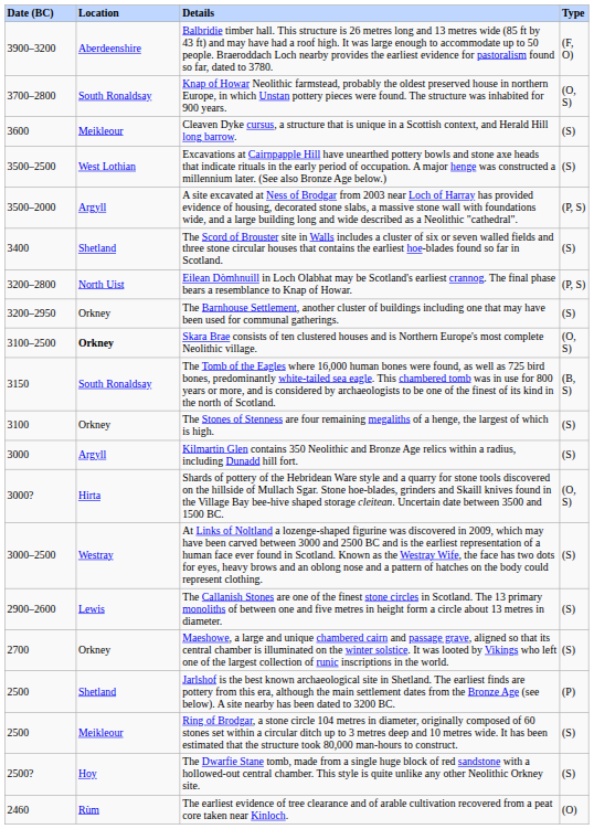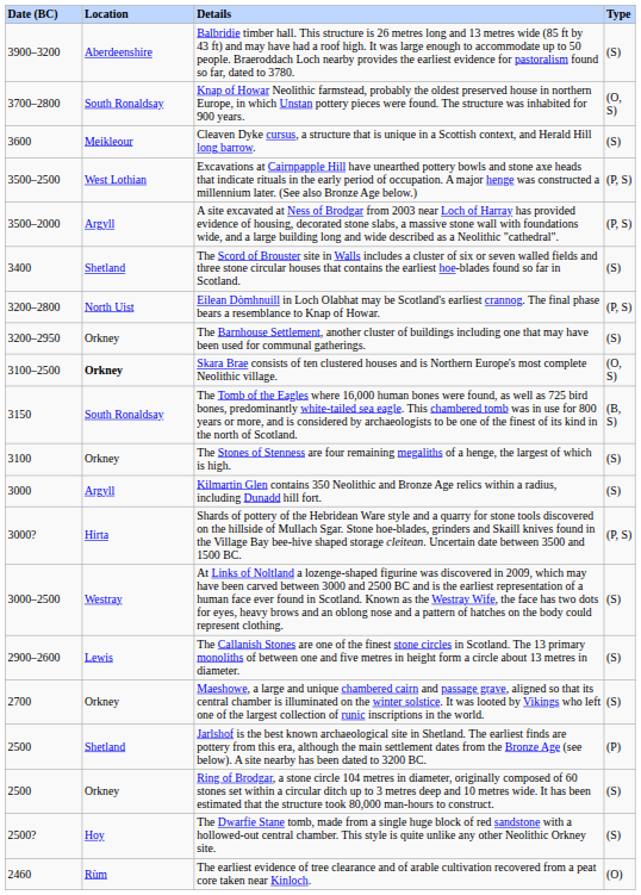 <table class="wikitable sortable align=left">
 <tr>
 <td bgcolor="#BFD7FF"><strong>Date (BC)</strong></td>
 <td bgcolor="#BFD7FF"><strong>Location</strong></td>
 <td class="unsortable" width="65%" bgcolor="#BFD7FF"><strong>Details</strong></td>
 <td width="5%" bgcolor="#BFD7FF"><strong>Type</strong></td>
 </tr>
 <tr>
 <td>3900–3200</td>
 <td><a href='#'>Aberdeenshire</a></td>
 <td><a href='#'>Balbridie</a> timber hall. This structure is 26 metres long and 13 metres wide (85 ft by 43 ft) and may have had a roof  high. It was large enough to accommodate up to 50 people. Braeroddach Loch nearby provides the earliest evidence for <a href='#'>pastoralism</a> found so far, dated to 3780.</td>
-<td>(F, O)</td>
+<td>(S)</td>
 </tr>
 <tr>
 <td>3700–2800</td>
 <td><a href='#'>South Ronaldsay</a></td>
 <td><a href='#'>Knap of Howar</a> Neolithic farmstead, probably the oldest preserved house in northern Europe, in which <a href='#'>Unstan</a> pottery pieces were found. The structure was inhabited for 900 years.</td>
 <td>(O, S)</td>
 </tr>
 <tr>
 <td>3600</td>
 <td><a href='#'>Meikleour</a></td>
 <td>Cleaven Dyke <a href='#'>cursus</a>, a structure that is unique in a Scottish context, and Herald Hill <a href='#'>long barrow</a>.</td>
 <td>(S)</td>
 </tr>
 <tr>
 <td>3500–2500</td>
 <td><a href='#'>West Lothian</a></td>
 <td>Excavations at <a href='#'>Cairnpapple Hill</a> have unearthed pottery bowls and stone axe heads that indicate rituals in the early period of occupation. A major <a href='#'>henge</a> was constructed a millennium later. (See also Bronze Age below.)</td>
-<td>(S)</td>
+<td>(P, S)</td>
 </tr>
 <tr>
 <td>3500–2000</td>
 <td><a href='#'>Argyll</a></td>
 <td>A site excavated at <a href='#'>Ness of Brodgar</a> from 2003 near <a href='#'>Loch of Harray</a> has provided evidence of housing, decorated stone slabs, a massive stone wall with foundations  wide, and a large building  long and  wide described as a Neolithic "cathedral".</td>
 <td>(P, S)</td>
 </tr>
 <tr>
 <td>3400</td>
 <td><a href='#'>Shetland</a></td>
 <td>The <a href='#'>Scord of Brouster</a> site in <a href='#'>Walls</a> includes a cluster of six or seven walled fields and three stone circular houses that contains the earliest <a href='#'>hoe</a>-blades found so far in Scotland.</td>
 <td>(S)</td>
 </tr>
 <tr>
 <td>3200–2800</td>
 <td><a href='#'>North Uist</a></td>
 <td><a href='#'>Eilean Dòmhnuill</a> in Loch Olabhat may be Scotland's earliest <a href='#'>crannog</a>. The final phase bears a resemblance to Knap of Howar.</td>
 <td>(P, S)</td>
 </tr>
 <tr>
 <td>3200–2950</td>
 <td>Orkney</td>
 <td>The <a href='#'>Barnhouse Settlement</a>, another cluster of buildings including one that may have been used for communal gatherings.</td>
 <td>(S)</td>
 </tr>
 <tr>
 <td>3100–2500</td>
 <td><strong>Orkney</strong></td>
 <td><a href='#'>Skara Brae</a> consists of ten clustered houses and is Northern Europe's most complete Neolithic village.</td>
 <td>(O, S)</td>
 </tr>
 <tr>
 <td>3150</td>
 <td><a href='#'>South Ronaldsay</a></td>
 <td>The <a href='#'>Tomb of the Eagles</a> where 16,000 human bones were found, as well as 725 bird bones, predominantly <a href='#'>white-tailed sea eagle</a>. This <a href='#'>chambered tomb</a> was in use for 800 years or more, and is considered by archaeologists to be one of the finest of its kind in the north of Scotland.</td>
 <td>(B, S)</td>
 </tr>
 <tr>
 <td>3100</td>
 <td>Orkney</td>
 <td>The <a href='#'>Stones of Stenness</a> are four remaining <a href='#'>megaliths</a> of a henge, the largest of which is  high.</td>
 <td>(S)</td>
 </tr>
 <tr>
 <td>3000</td>
 <td><a href='#'>Argyll</a></td>
 <td><a href='#'>Kilmartin Glen</a> contains 350 Neolithic and Bronze Age relics within a  radius, including <a href='#'>Dunadd</a> hill fort.</td>
 <td>(S)</td>
 </tr>
 <tr>
 <td>3000?</td>
 <td><a href='#'>Hirta</a></td>
 <td>Shards of pottery of the Hebridean Ware style and a quarry for stone tools discovered on the hillside of Mullach Sgar. Stone hoe-blades, grinders and Skaill knives found in the Village Bay bee-hive shaped storage <em>cleitean</em>. Uncertain date between 3500 and 1500 BC.</td>
-<td>(O, S)</td>
+<td>(P, S)</td>
 </tr>
 <tr>
 <td>3000–2500</td>
 <td><a href='#'>Westray</a></td>
 <td>At <a href='#'>Links of Noltland</a> a lozenge-shaped figurine was discovered in 2009, which may have been carved between 3000 and 2500 BC and is the earliest representation of a human face ever found in Scotland. Known as the <a href='#'>Westray Wife</a>, the face has two dots for eyes, heavy brows and an oblong nose and a pattern of hatches on the body could represent clothing.</td>
 <td>(S)</td>
 </tr>
 <tr>
 <td>2900–2600</td>
 <td><a href='#'>Lewis</a></td>
 <td>The <a href='#'>Callanish Stones</a> are one of the finest <a href='#'>stone circles</a> in Scotland. The 13 primary <a href='#'>monoliths</a> of between one and five metres in height form a circle about 13 metres in diameter.</td>
 <td>(S)</td>
 </tr>
 <tr>
 <td>2700</td>
 <td>Orkney</td>
 <td><a href='#'>Maeshowe</a>, a large and unique <a href='#'>chambered cairn</a> and <a href='#'>passage grave</a>, aligned so that its central chamber is illuminated on the <a href='#'>winter solstice</a>. It was looted by <a href='#'>Vikings</a> who left one of the largest collection of <a href='#'>runic</a> inscriptions in the world.</td>
 <td>(S)</td>
 </tr>
 <tr>
 <td>2500</td>
 <td><a href='#'>Shetland</a></td>
 <td><a href='#'>Jarlshof</a> is the best known archaeological site in Shetland. The earliest finds are pottery from this era, although the main settlement dates from the <a href='#'>Bronze Age</a> (see below). A site nearby has been dated to 3200 BC.</td>
 <td>(P)</td>
 </tr>
 <tr>
 <td>2500</td>
-<td><a href='#'>Meikleour</a></td>
+<td>Orkney</td>
 <td><a href='#'>Ring of Brodgar</a>, a stone circle 104 metres in diameter, originally composed of 60 stones set within a circular ditch up to 3 metres deep and 10 metres wide. It has been estimated that the structure took 80,000 man-hours to construct.</td>
 <td>(S)</td>
 </tr>
 <tr>
 <td>2500?</td>
 <td><a href='#'>Hoy</a></td>
 <td>The <a href='#'>Dwarfie Stane</a> tomb, made from a single huge block of red <a href='#'>sandstone</a> with a hollowed-out central chamber. This style is quite unlike any other Neolithic Orkney site.</td>
 <td>(S)</td>
 </tr>
 <tr>
 <td>2460</td>
 <td><a href='#'>Rùm</a></td>
 <td>The earliest evidence of tree clearance and of arable cultivation recovered from a peat core taken near <a href='#'>Kinloch</a>.</td>
 <td>(O)</td>
 </tr>
 </table>
